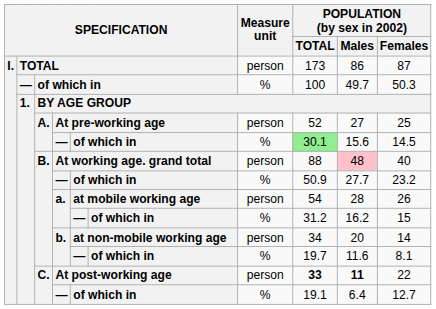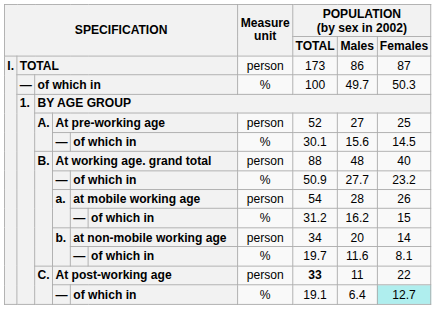 <table class="wikitable" style="font-size:85%; text-align:center">
 <tr>
 <th rowspan="2" colspan="6">SPECIFICATION</th>
 <th rowspan="2">Measure<br> unit</th>
 <th colspan="3" rowspan="1">POPULATION<br> (by sex in 2002)</th>
 </tr>
 <tr>
 <th>TOTAL</th>
 <th>Males</th>
 <th>Females</th>
 </tr>
 <tr>
 <th style="text-align:left" valign="top" rowspan="13">I.</th>
 <th style="text-align:left" colspan="5">TOTAL</th>
 <td>person</td>
 <td>173</td>
 <td>86</td>
 <td>87</td>
 </tr>
 <tr>
 <th style="text-align:left" valign="top">—</th>
 <th style="text-align:left" colspan="4">of which in</th>
 <td>%</td>
 <td>100</td>
 <td>49.7</td>
 <td>50.3</td>
 </tr>
 <tr>
 <th style="text-align:left" valign="top" rowspan="11">1.</th>
 <th style="text-align:left" colspan="19">BY AGE GROUP</th>
 </tr>
 <tr>
 <th style="text-align:left" valign="top" rowspan="2">A.</th>
 <th style="text-align:left" colspan="3">At pre-working age</th>
 <td>person</td>
 <td>52</td>
 <td>27</td>
 <td>25</td>
 </tr>
 <tr>
 <th style="text-align:left" valign="top">—</th>
 <th style="text-align:left" valign="top" colspan="2">of which in</th>
 <td>%</td>
-<td style="background: lightgreen;">30.1</td>
+<td>30.1</td>
 <td>15.6</td>
 <td>14.5</td>
 </tr>
 <tr>
 <th style="text-align:left" valign="top" rowspan="6">B.</th>
 <th style="text-align:left" colspan="3">At working age. grand total</th>
 <td>person</td>
 <td>88</td>
-<td style="background: pink;">48</td>
+<td>48</td>
 <td>40</td>
 </tr>
 <tr>
 <th style="text-align:left" valign="top">—</th>
 <th style="text-align:left" valign="top" colspan="2">of which in</th>
 <td>%</td>
 <td>50.9</td>
 <td>27.7</td>
 <td>23.2</td>
 </tr>
 <tr>
 <th style="text-align:left" valign="top" rowspan="2">a.</th>
 <th style="text-align:left" colspan="2">at mobile working age</th>
 <td>person</td>
 <td>54</td>
 <td>28</td>
 <td>26</td>
 </tr>
 <tr>
 <th style="text-align:left" valign="top">—</th>
 <th style="text-align:left" valign="top" colspan="1">of which in                        </th>
 <td>%</td>
 <td>31.2</td>
 <td>16.2</td>
 <td>15</td>
 </tr>
 <tr>
 <th style="text-align:left" valign="top" rowspan="2">b.</th>
 <th style="text-align:left" colspan="2">at non-mobile working age</th>
 <td>person</td>
 <td>34</td>
 <td>20</td>
 <td>14</td>
 </tr>
 <tr>
 <th style="text-align:left" valign="top">—</th>
 <th style="text-align:left" valign="top" colspan="1">of which in                        </th>
 <td>%</td>
 <td>19.7</td>
 <td>11.6</td>
 <td>8.1</td>
 </tr>
 <tr>
 <th style="text-align:left" valign="top" rowspan="2">C.</th>
 <th style="text-align:left" colspan="3">At post-working age</th>
 <td>person</td>
 <td><strong>33</strong></td>
-<td><strong>11</strong></td>
+<td>11</td>
 <td>22</td>
 </tr>
 <tr>
 <th style="text-align:left" valign="top">—</th>
 <th style="text-align:left" valign="top" colspan="2">of which in</th>
 <td>%</td>
 <td>19.1</td>
 <td>6.4</td>
-<td>12.7</td>
+<td style="background: paleturquoise;">12.7</td>
 </tr>
 </table>
